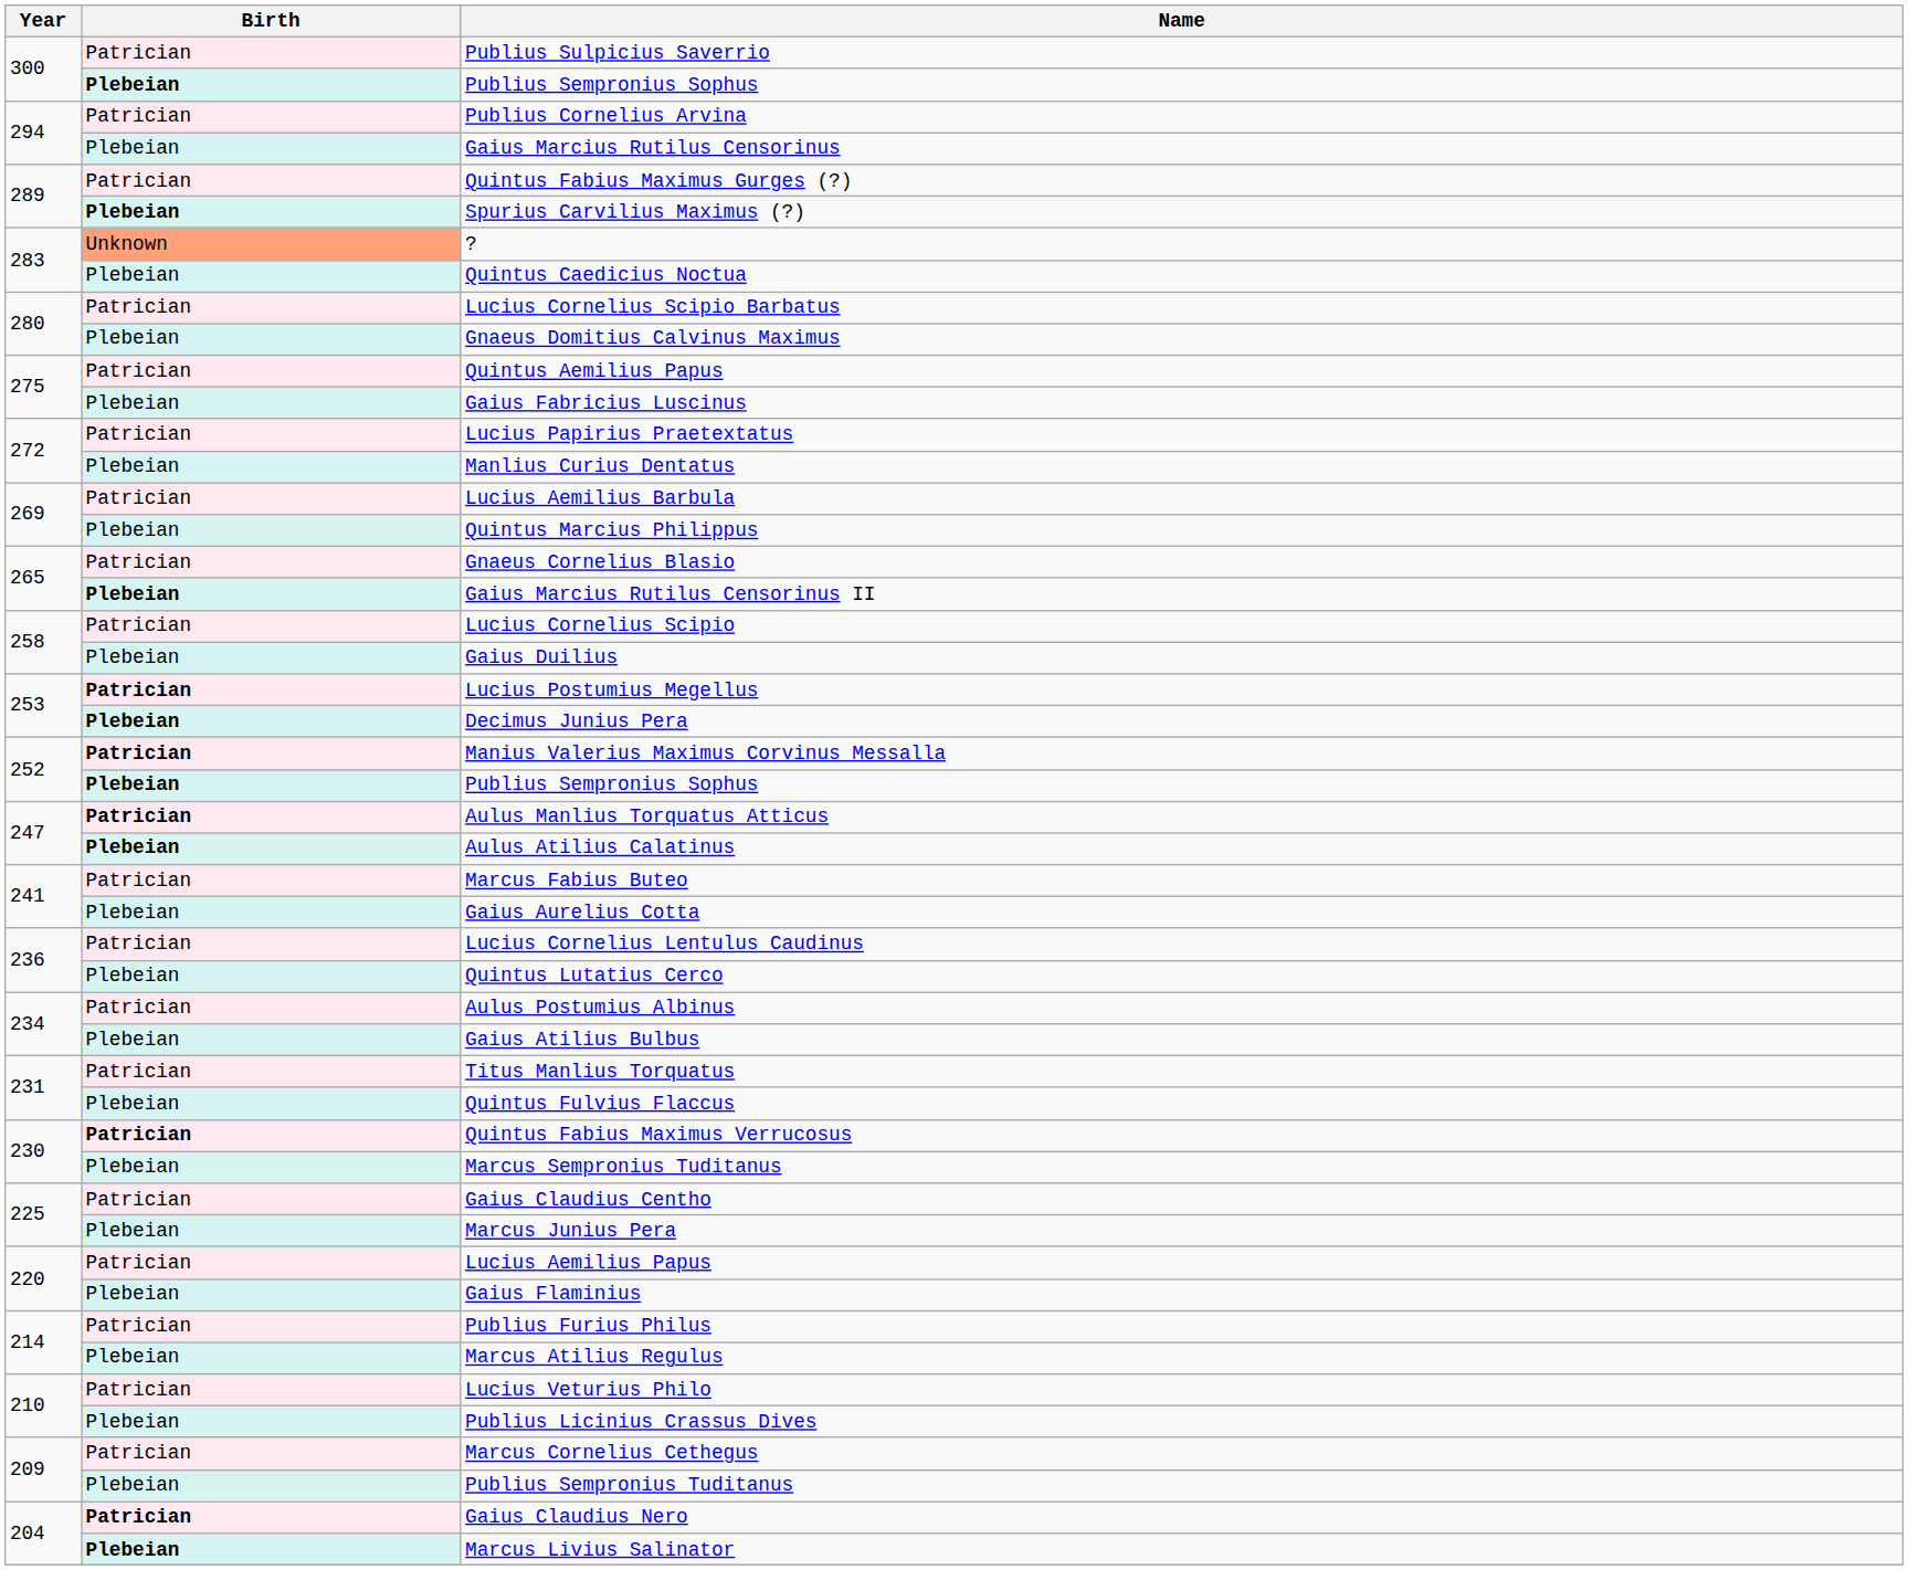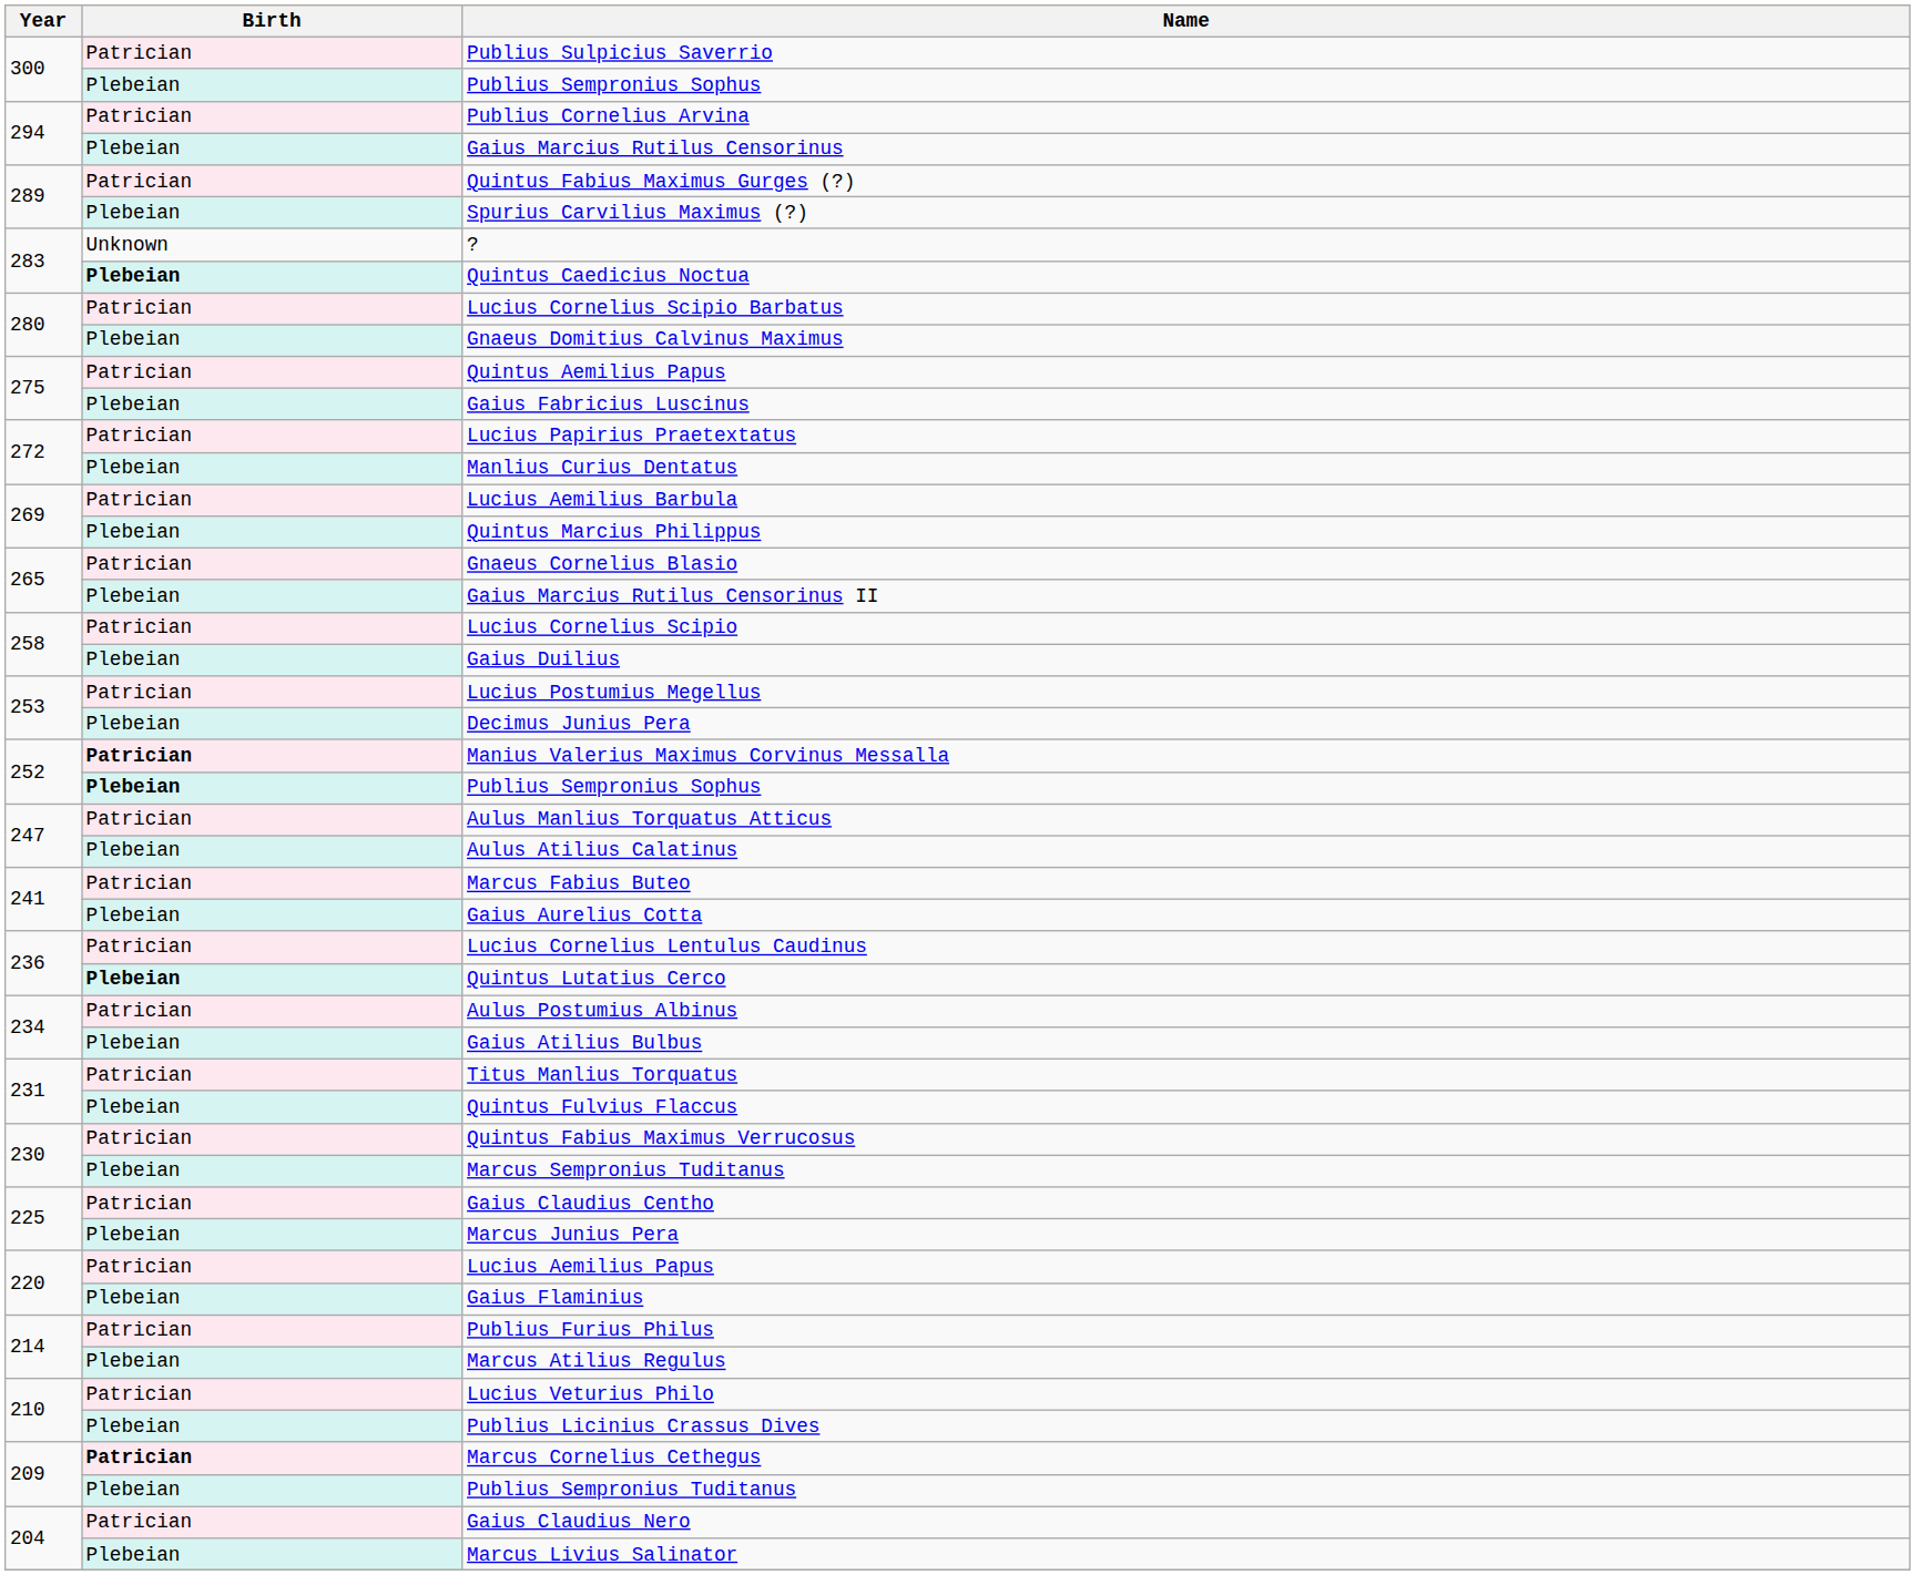 <table class="wikitable sortable"  width="100%">
 <tr bgcolor="#FFDEAD">
 <th width="4%">Year</th>
 <th width="20%">Birth</th>
 <th>Name</th>
 </tr>
 <tr>
 <td rowspan="2">300</td>
 <td style="background: #fde8f0;">Patrician</td>
 <td><a href='#'>Publius Sulpicius Saverrio</a></td>
 </tr>
 <tr>
-<td style="background: #d6f5f2;"><strong>Plebeian</strong></td>
+<td style="background: #d6f5f2;">Plebeian</td>
 <td><a href='#'>Publius Sempronius Sophus</a></td>
 </tr>
 <tr>
 <td rowspan="2">294</td>
 <td style="background: #fde8f0;">Patrician</td>
 <td><a href='#'>Publius Cornelius Arvina</a></td>
 </tr>
 <tr>
 <td style="background: #d6f5f2;">Plebeian</td>
 <td><a href='#'>Gaius Marcius Rutilus Censorinus</a></td>
 </tr>
 <tr>
 <td rowspan="2">289</td>
 <td style="background: #fde8f0;">Patrician</td>
 <td><a href='#'>Quintus Fabius Maximus Gurges</a> (?)</td>
 </tr>
 <tr>
-<td style="background: #d6f5f2;"><strong>Plebeian</strong></td>
+<td style="background: #d6f5f2;">Plebeian</td>
 <td><a href='#'>Spurius Carvilius Maximus</a> (?)</td>
 </tr>
 <tr>
 <td rowspan="2">283</td>
-<td style="background: lightsalmon;">Unknown</td>
+<td>Unknown</td>
 <td>?</td>
 </tr>
 <tr>
-<td style="background: #d6f5f2;">Plebeian</td>
+<td style="background: #d6f5f2;"><strong>Plebeian</strong></td>
 <td><a href='#'>Quintus Caedicius Noctua</a></td>
 </tr>
 <tr>
 <td rowspan="2">280</td>
 <td style="background: #fde8f0;">Patrician</td>
 <td><a href='#'>Lucius Cornelius Scipio Barbatus</a></td>
 </tr>
 <tr>
 <td style="background: #d6f5f2;">Plebeian</td>
 <td><a href='#'>Gnaeus Domitius Calvinus Maximus</a></td>
 </tr>
 <tr>
 <td rowspan="2">275</td>
 <td style="background: #fde8f0;">Patrician</td>
 <td><a href='#'>Quintus Aemilius Papus</a></td>
 </tr>
 <tr>
 <td style="background: #d6f5f2;">Plebeian</td>
 <td><a href='#'>Gaius Fabricius Luscinus</a></td>
 </tr>
 <tr>
 <td rowspan="2">272</td>
 <td style="background: #fde8f0;">Patrician</td>
 <td><a href='#'>Lucius Papirius Praetextatus</a></td>
 </tr>
 <tr>
 <td style="background: #d6f5f2;">Plebeian</td>
 <td><a href='#'>Manlius Curius Dentatus</a></td>
 </tr>
 <tr>
 <td rowspan="2">269</td>
 <td style="background: #fde8f0;">Patrician</td>
 <td><a href='#'>Lucius Aemilius Barbula</a></td>
 </tr>
 <tr>
 <td style="background: #d6f5f2;">Plebeian</td>
 <td><a href='#'>Quintus Marcius Philippus</a></td>
 </tr>
 <tr>
 <td rowspan="2">265</td>
 <td style="background: #fde8f0;">Patrician</td>
 <td><a href='#'>Gnaeus Cornelius Blasio</a></td>
 </tr>
 <tr>
-<td style="background: #d6f5f2;"><strong>Plebeian</strong></td>
+<td style="background: #d6f5f2;">Plebeian</td>
 <td><a href='#'>Gaius Marcius Rutilus Censorinus</a> II</td>
 </tr>
 <tr>
 <td rowspan="2">258</td>
 <td style="background: #fde8f0;">Patrician</td>
 <td><a href='#'>Lucius Cornelius Scipio</a></td>
 </tr>
 <tr>
 <td style="background: #d6f5f2;">Plebeian</td>
 <td><a href='#'>Gaius Duilius</a></td>
 </tr>
 <tr>
 <td rowspan="2">253</td>
-<td style="background: #fde8f0;"><strong>Patrician</strong></td>
+<td style="background: #fde8f0;">Patrician</td>
 <td><a href='#'>Lucius Postumius Megellus</a></td>
 </tr>
 <tr>
-<td style="background: #d6f5f2;"><strong>Plebeian</strong></td>
+<td style="background: #d6f5f2;">Plebeian</td>
 <td><a href='#'>Decimus Junius Pera</a></td>
 </tr>
 <tr>
 <td rowspan="2">252</td>
 <td style="background: #fde8f0;"><strong>Patrician</strong></td>
 <td><a href='#'>Manius Valerius Maximus Corvinus Messalla</a></td>
 </tr>
 <tr>
 <td style="background: #d6f5f2;"><strong>Plebeian</strong></td>
 <td><a href='#'>Publius Sempronius Sophus</a></td>
 </tr>
 <tr>
 <td rowspan="2">247</td>
-<td style="background: #fde8f0;"><strong>Patrician</strong></td>
+<td style="background: #fde8f0;">Patrician</td>
 <td><a href='#'>Aulus Manlius Torquatus Atticus</a></td>
 </tr>
 <tr>
-<td style="background: #d6f5f2;"><strong>Plebeian</strong></td>
+<td style="background: #d6f5f2;">Plebeian</td>
 <td><a href='#'>Aulus Atilius Calatinus</a></td>
 </tr>
 <tr>
 <td rowspan="2">241</td>
 <td style="background: #fde8f0;">Patrician</td>
 <td><a href='#'>Marcus Fabius Buteo</a></td>
 </tr>
 <tr>
 <td style="background: #d6f5f2;">Plebeian</td>
 <td><a href='#'>Gaius Aurelius Cotta</a></td>
 </tr>
 <tr>
 <td rowspan="2">236</td>
 <td style="background: #fde8f0;">Patrician</td>
 <td><a href='#'>Lucius Cornelius Lentulus Caudinus</a></td>
 </tr>
 <tr>
-<td style="background: #d6f5f2;">Plebeian</td>
+<td style="background: #d6f5f2;"><strong>Plebeian</strong></td>
 <td><a href='#'>Quintus Lutatius Cerco</a></td>
 </tr>
 <tr>
 <td rowspan="2">234</td>
 <td style="background: #fde8f0;">Patrician</td>
 <td><a href='#'>Aulus Postumius Albinus</a></td>
 </tr>
 <tr>
 <td style="background: #d6f5f2;">Plebeian</td>
 <td><a href='#'>Gaius Atilius Bulbus</a></td>
 </tr>
 <tr>
 <td rowspan="2">231</td>
 <td style="background: #fde8f0;">Patrician</td>
 <td><a href='#'>Titus Manlius Torquatus</a></td>
 </tr>
 <tr>
 <td style="background: #d6f5f2;">Plebeian</td>
 <td><a href='#'>Quintus Fulvius Flaccus</a></td>
 </tr>
 <tr>
 <td rowspan="2">230</td>
-<td style="background: #fde8f0;"><strong>Patrician</strong></td>
+<td style="background: #fde8f0;">Patrician</td>
 <td><a href='#'>Quintus Fabius Maximus Verrucosus</a></td>
 </tr>
 <tr>
 <td style="background: #d6f5f2;">Plebeian</td>
 <td><a href='#'>Marcus Sempronius Tuditanus</a></td>
 </tr>
 <tr>
 <td rowspan="2">225</td>
 <td style="background: #fde8f0;">Patrician</td>
 <td><a href='#'>Gaius Claudius Centho</a></td>
 </tr>
 <tr>
 <td style="background: #d6f5f2;">Plebeian</td>
 <td><a href='#'>Marcus Junius Pera</a></td>
 </tr>
 <tr>
 <td rowspan="2">220</td>
 <td style="background: #fde8f0;">Patrician</td>
 <td><a href='#'>Lucius Aemilius Papus</a></td>
 </tr>
 <tr>
 <td style="background: #d6f5f2;">Plebeian</td>
 <td><a href='#'>Gaius Flaminius</a></td>
 </tr>
 <tr>
 <td rowspan="2">214</td>
 <td style="background: #fde8f0;">Patrician</td>
 <td><a href='#'>Publius Furius Philus</a></td>
 </tr>
 <tr>
 <td style="background: #d6f5f2;">Plebeian</td>
 <td><a href='#'>Marcus Atilius Regulus</a></td>
 </tr>
 <tr>
 <td rowspan="2">210</td>
 <td style="background: #fde8f0;">Patrician</td>
 <td><a href='#'>Lucius Veturius Philo</a></td>
 </tr>
 <tr>
 <td style="background: #d6f5f2;">Plebeian</td>
 <td><a href='#'>Publius Licinius Crassus Dives</a></td>
 </tr>
 <tr>
 <td rowspan="2">209</td>
-<td style="background: #fde8f0;">Patrician</td>
+<td style="background: #fde8f0;"><strong>Patrician</strong></td>
 <td><a href='#'>Marcus Cornelius Cethegus</a></td>
 </tr>
 <tr>
 <td style="background: #d6f5f2;">Plebeian</td>
 <td><a href='#'>Publius Sempronius Tuditanus</a></td>
 </tr>
 <tr>
 <td rowspan="2">204</td>
-<td style="background: #fde8f0;"><strong>Patrician</strong></td>
+<td style="background: #fde8f0;">Patrician</td>
 <td><a href='#'>Gaius Claudius Nero</a></td>
 </tr>
 <tr>
-<td style="background: #d6f5f2;"><strong>Plebeian</strong></td>
+<td style="background: #d6f5f2;">Plebeian</td>
 <td><a href='#'>Marcus Livius Salinator</a></td>
 </tr>
 <tr>
 </tr>
 </table>
